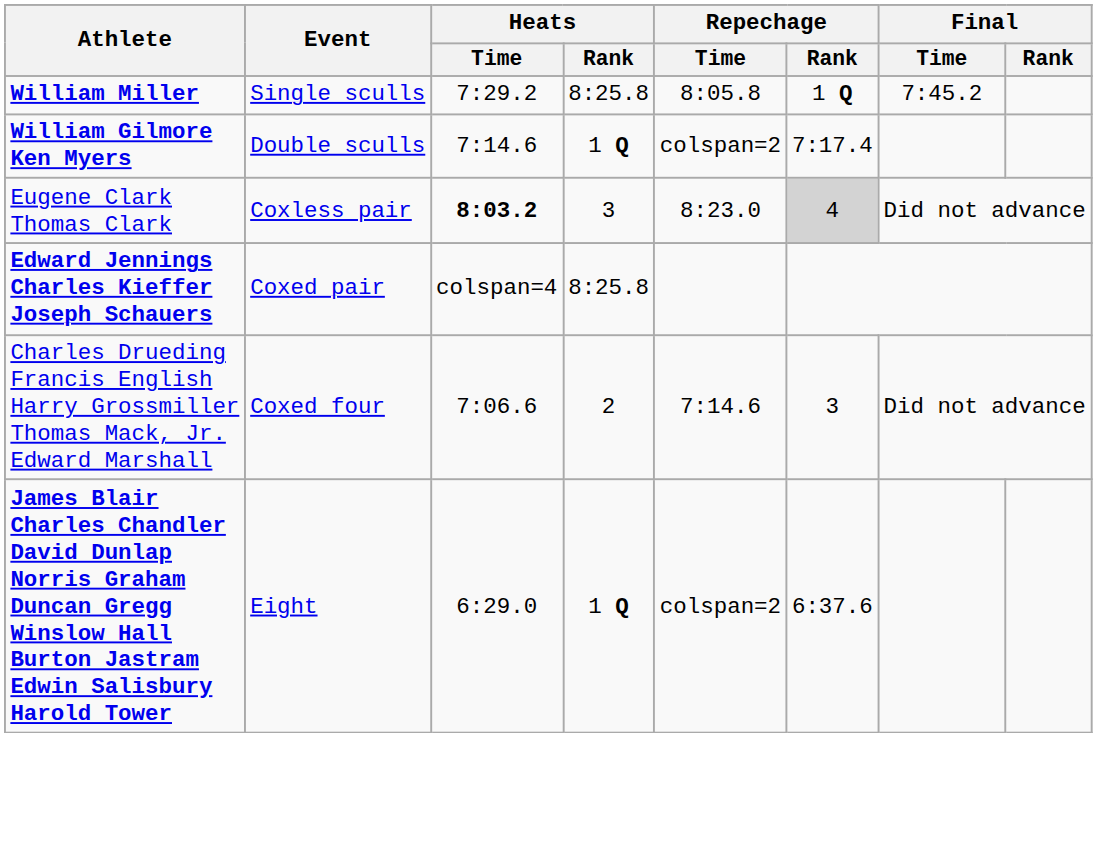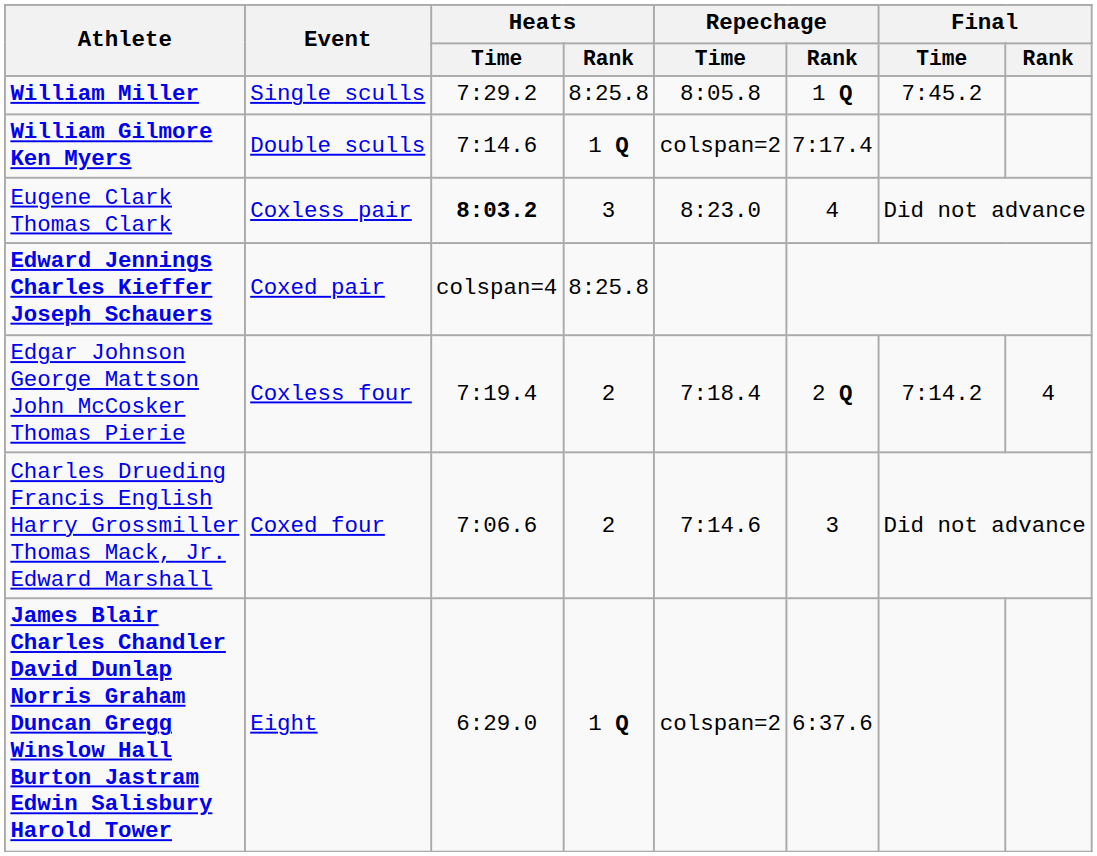 <table class="wikitable" style="font-size:90%">
 <tr>
 <th rowspan=2>Athlete</th>
 <th rowspan=2>Event</th>
 <th colspan=2>Heats</th>
 <th colspan=2>Repechage</th>
 <th colspan=2>Final</th>
 </tr>
 <tr style="font-size:95%">
 <th>Time</th>
 <th>Rank</th>
 <th>Time</th>
 <th>Rank</th>
 <th>Time</th>
 <th>Rank</th>
 </tr>
 <tr align=center>
 <td align=left><strong><a href='#'>William Miller</a></strong></td>
 <td align=left><a href='#'>Single sculls</a></td>
 <td>7:29.2</td>
 <td>8:25.8</td>
 <td>8:05.8</td>
 <td>1 <strong>Q</strong></td>
 <td>7:45.2</td>
 <td></td>
 </tr>
 <tr align=center>
 <td align=left><strong><a href='#'>William Gilmore</a><br><a href='#'>Ken Myers</a></strong></td>
 <td align=left><a href='#'>Double sculls</a></td>
 <td>7:14.6</td>
 <td>1 <strong>Q</strong></td>
 <td>colspan=2 </td>
 <td>7:17.4</td>
 <td></td>
 </tr>
 <tr align=center>
 <td align=left><a href='#'>Eugene Clark</a><br><a href='#'>Thomas Clark</a></td>
 <td align=left><a href='#'>Coxless pair</a></td>
 <td><strong>8:03.2</strong></td>
 <td>3</td>
 <td>8:23.0</td>
-<td style="background: lightgrey;">4</td>
+<td>4</td>
 <td colspan=2>Did not advance</td>
 </tr>
 <tr align=center>
 <td align=left><strong><a href='#'>Edward Jennings</a><br><a href='#'>Charles Kieffer</a><br><a href='#'>Joseph Schauers</a></strong></td>
 <td align=left><a href='#'>Coxed pair</a></td>
 <td>colspan=4 </td>
 <td>8:25.8</td>
 <td></td>
+</tr>
+<tr align=center>
+<td align=left><a href='#'>Edgar Johnson</a><br><a href='#'>George Mattson</a><br><a href='#'>John McCosker</a><br><a href='#'>Thomas Pierie</a></td>
+<td align=left><a href='#'>Coxless four</a></td>
+<td>7:19.4</td>
+<td>2</td>
+<td>7:18.4</td>
+<td>2 <strong>Q</strong></td>
+<td>7:14.2</td>
+<td>4</td>
 </tr>
 <tr align=center>
 <td align=left><a href='#'>Charles Drueding</a><br><a href='#'>Francis English</a><br><a href='#'>Harry Grossmiller</a><br><a href='#'>Thomas Mack, Jr.</a><br><a href='#'>Edward Marshall</a></td>
 <td align=left><a href='#'>Coxed four</a></td>
 <td>7:06.6</td>
 <td>2</td>
 <td>7:14.6</td>
 <td>3</td>
 <td colspan=2>Did not advance</td>
 </tr>
 <tr align=center>
 <td align=left><strong><a href='#'>James Blair</a><br><a href='#'>Charles Chandler</a><br><a href='#'>David Dunlap</a><br><a href='#'>Norris Graham</a><br><a href='#'>Duncan Gregg</a><br><a href='#'>Winslow Hall</a><br><a href='#'>Burton Jastram</a><br><a href='#'>Edwin Salisbury</a><br><a href='#'>Harold Tower</a></strong></td>
 <td align=left><a href='#'>Eight</a></td>
 <td>6:29.0</td>
 <td>1 <strong>Q</strong></td>
 <td>colspan=2 </td>
 <td>6:37.6</td>
 <td></td>
 </tr>
 </table>
